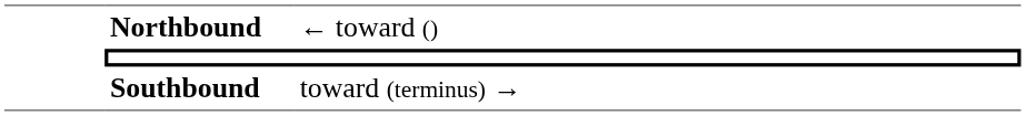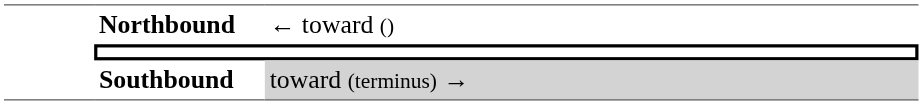 <table table border=0 cellspacing=0 cellpadding=3>
 <tr>
 <td style="border-top:solid 1px gray;border-bottom:solid 1px gray;" width=50 rowspan=3 valign=top></td>
 <td style="border-top:solid 1px gray;" width=100><strong>Northbound</strong></td>
 <td style="border-top:solid 1px gray;" width=400>←  toward  <small>()</small></td>
 </tr>
 <tr>
 <td style="border-top:solid 2px black;border-right:solid 2px black;border-left:solid 2px black;border-bottom:solid 2px black;text-align:center;" colspan=2></td>
 </tr>
 <tr>
 <td style="border-bottom:solid 1px gray;"><strong>Southbound</strong></td>
-<td style="border-bottom:solid 1px gray;"> toward  <small>(terminus)</small> →</td>
+<td style="background: lightgrey; border-bottom:solid 1px gray;"> toward  <small>(terminus)</small> →</td>
 </tr>
 </table>
